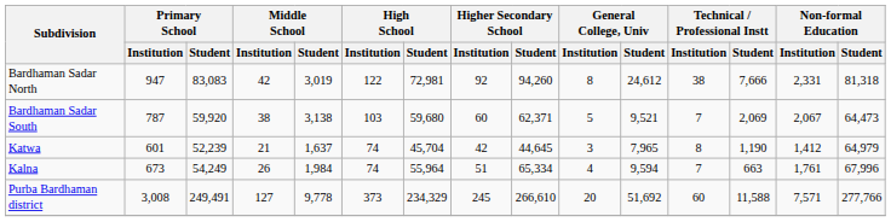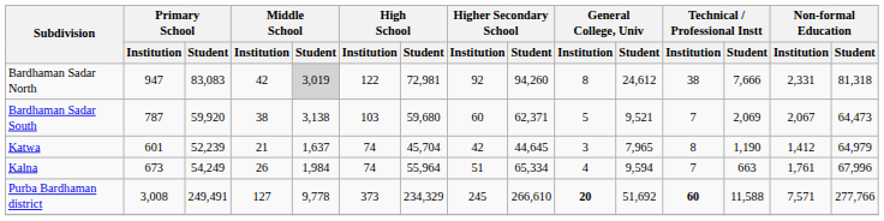 <table class="wikitable" style="text-align:center;font-size: 9pt">
 <tr>
 <th width="110" rowspan="2">Subdivision</th>
 <th colspan="2">Primary<br>School</th>
 <th colspan="2">Middle<br>School</th>
 <th colspan="2">High<br>School</th>
 <th colspan="2">Higher Secondary<br>School</th>
 <th colspan="2">General<br>College, Univ</th>
 <th colspan="2">Technical /<br>Professional Instt</th>
 <th colspan="2">Non-formal<br>Education</th>
 </tr>
 <tr>
 <th width="30">Institution</th>
 <th width="30">Student</th>
 <th width="30">Institution</th>
 <th width="30">Student</th>
 <th width="30">Institution</th>
 <th width="30">Student</th>
 <th width="30">Institution</th>
 <th width="30">Student</th>
 <th width="30">Institution</th>
 <th width="30">Student</th>
 <th width="30">Institution</th>
 <th width="30">Student</th>
 <th width="30">Institution</th>
 <th width="30">Student<br></th>
 </tr>
 <tr>
 <td align=left>Bardhaman Sadar North</td>
 <td align="center">947</td>
 <td align="center">83,083</td>
 <td align="center">42</td>
-<td align="center">3,019</td>
+<td align="center" style="background: lightgrey;">3,019</td>
 <td align="center">122</td>
 <td align="center">72,981</td>
 <td align="center">92</td>
 <td align="center">94,260</td>
 <td align="center">8</td>
 <td align="center">24,612</td>
 <td align="center">38</td>
 <td align="center">7,666</td>
 <td align="center">2,331</td>
 <td align="center">81,318</td>
 </tr>
 <tr>
 <td align=left><a href='#'>Bardhaman Sadar South</a></td>
 <td align="center">787</td>
 <td align="center">59,920</td>
 <td align="center">38</td>
 <td align="center">3,138</td>
 <td align="center">103</td>
 <td align="center">59,680</td>
 <td align="center">60</td>
 <td align="center">62,371</td>
 <td align="center">5</td>
 <td align="center">9,521</td>
 <td align="center">7</td>
 <td align="center">2,069</td>
 <td align="center">2,067</td>
 <td align="center">64,473</td>
 </tr>
 <tr>
 <td align=left><a href='#'>Katwa</a></td>
 <td align="center">601</td>
 <td align="center">52,239</td>
 <td align="center">21</td>
 <td align="center">1,637</td>
 <td align="center">74</td>
 <td align="center">45,704</td>
 <td align="center">42</td>
 <td align="center">44,645</td>
 <td align="center">3</td>
 <td align="center">7,965</td>
 <td align="center">8</td>
 <td align="center">1,190</td>
 <td align="center">1,412</td>
 <td align="center">64,979</td>
 </tr>
 <tr>
 <td align=left><a href='#'>Kalna</a></td>
 <td align="center">673</td>
 <td align="center">54,249</td>
 <td align="center">26</td>
 <td align="center">1,984</td>
 <td align="center">74</td>
 <td align="center">55,964</td>
 <td align="center">51</td>
 <td align="center">65,334</td>
 <td align="center">4</td>
 <td align="center">9,594</td>
 <td align="center">7</td>
 <td align="center">663</td>
 <td align="center">1,761</td>
 <td align="center">67,996</td>
 </tr>
 <tr>
 <td align=left><a href='#'>Purba Bardhaman district</a></td>
 <td align="center">3,008</td>
 <td align="center">249,491</td>
 <td align="center">127</td>
 <td align="center">9,778</td>
 <td align="center">373</td>
 <td align="center">234,329</td>
 <td align="center">245</td>
 <td align="center">266,610</td>
-<td align="center">20</td>
+<td align="center"><strong>20</strong></td>
 <td align="center">51,692</td>
-<td align="center">60</td>
+<td align="center"><strong>60</strong></td>
 <td align="center">11,588</td>
 <td align="center">7,571</td>
 <td align="center">277,766</td>
 </tr>
 <tr>
 </tr>
 </table>
